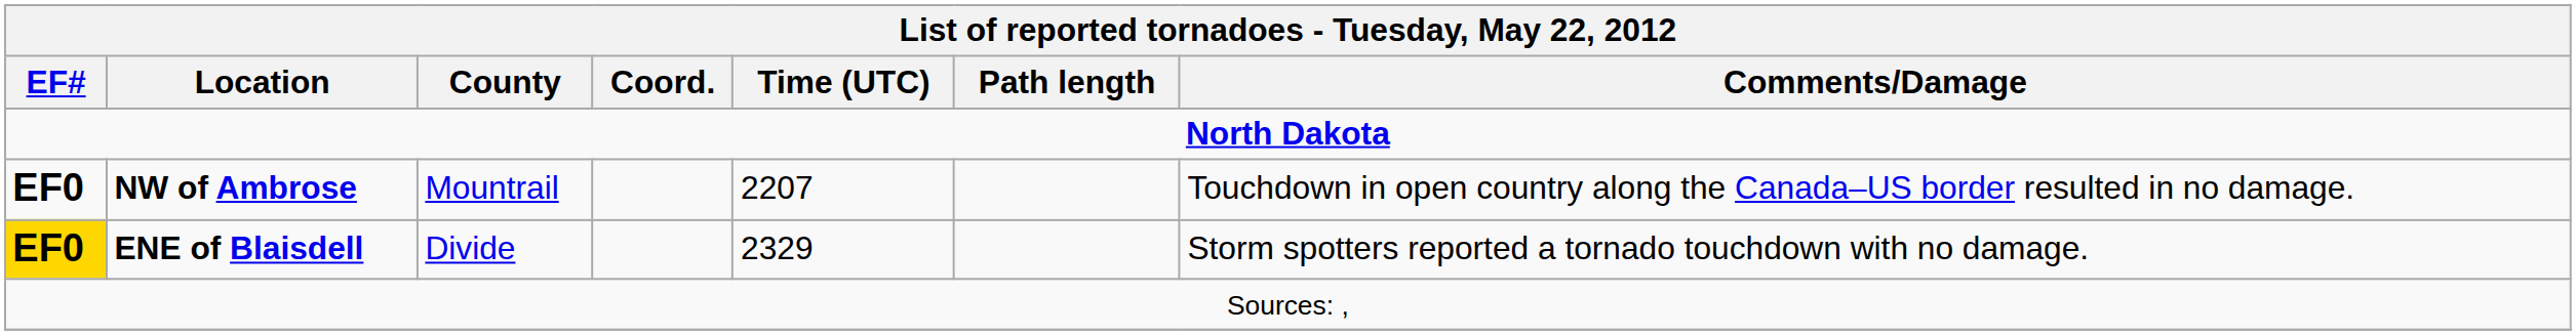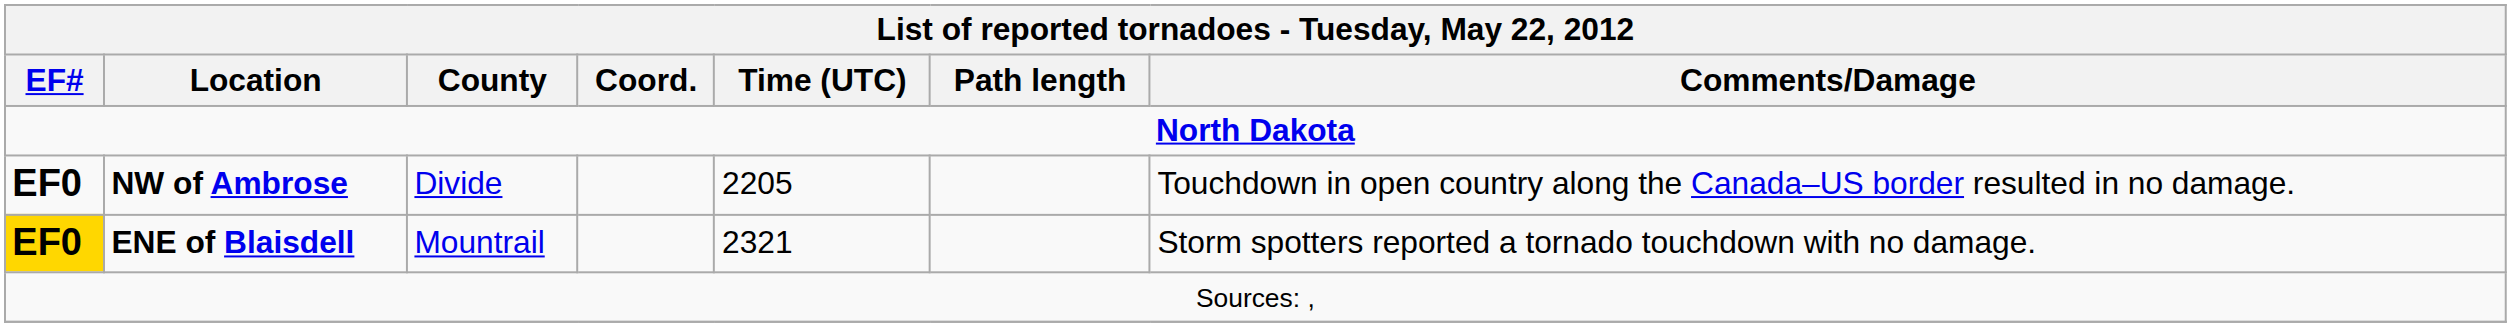 <table class="wikitable collapsible" width="100%">
 <tr>
 <th colspan="7">List of reported tornadoes - Tuesday, May 22, 2012</th>
 </tr>
 <tr>
 <th><a href='#'>EF#</a></th>
 <th>Location</th>
 <th>County</th>
 <th>Coord.</th>
 <th>Time (UTC)</th>
 <th>Path length</th>
 <th>Comments/Damage</th>
 </tr>
 <tr>
 <td colspan="7" align=center><strong><a href='#'>North Dakota</a></strong></td>
 </tr>
 <tr>
 <td><big><strong>EF0</strong></big></td>
 <td><strong>NW of <a href='#'>Ambrose</a></strong></td>
-<td><a href='#'>Mountrail</a></td>
+<td><a href='#'>Divide</a></td>
 <td></td>
-<td>2207</td>
+<td>2205</td>
 <td></td>
 <td>Touchdown in open country along the <a href='#'>Canada–US border</a> resulted in no damage.</td>
 </tr>
 <tr>
 <td style="background: gold;"><big><strong>EF0</strong></big></td>
 <td><strong>ENE of <a href='#'>Blaisdell</a></strong></td>
-<td><a href='#'>Divide</a></td>
+<td><a href='#'>Mountrail</a></td>
 <td></td>
-<td>2329</td>
+<td>2321</td>
 <td></td>
 <td>Storm spotters reported a tornado touchdown with no damage.</td>
 </tr>
 <tr>
 <td colspan="7" align=center><small>Sources: , </small></td>
 </tr>
 <tr>
 </tr>
 </table>
